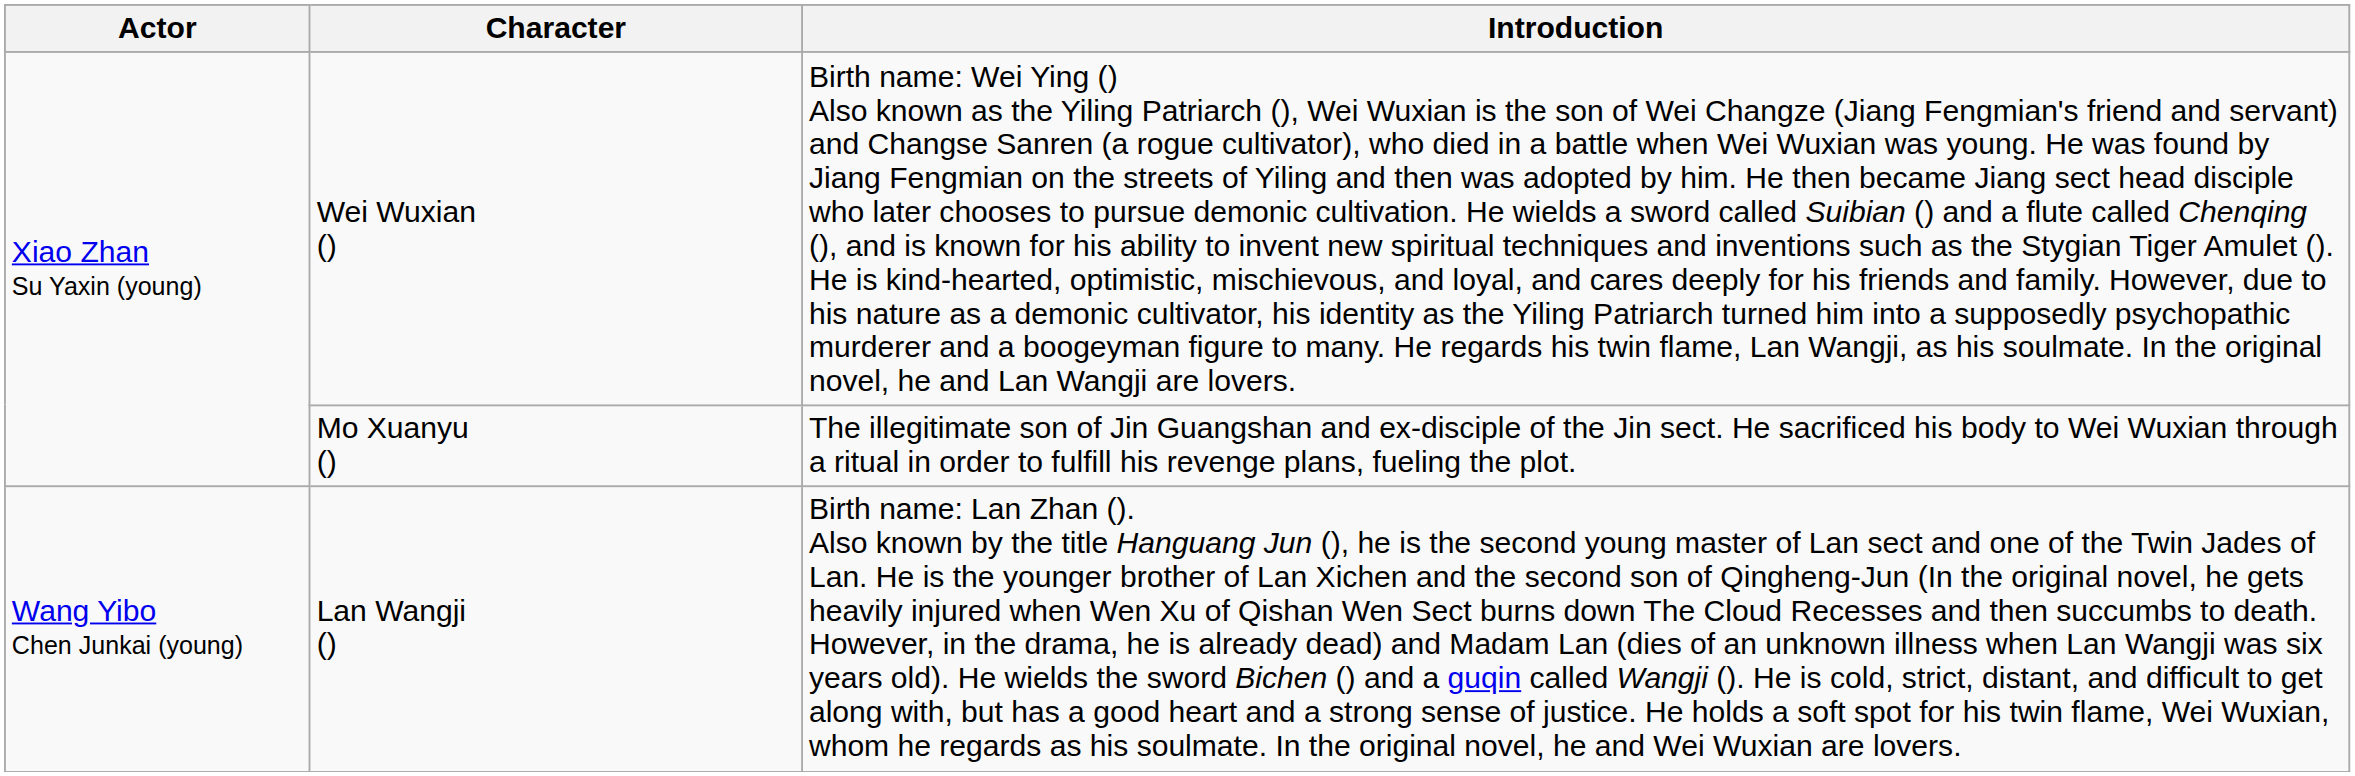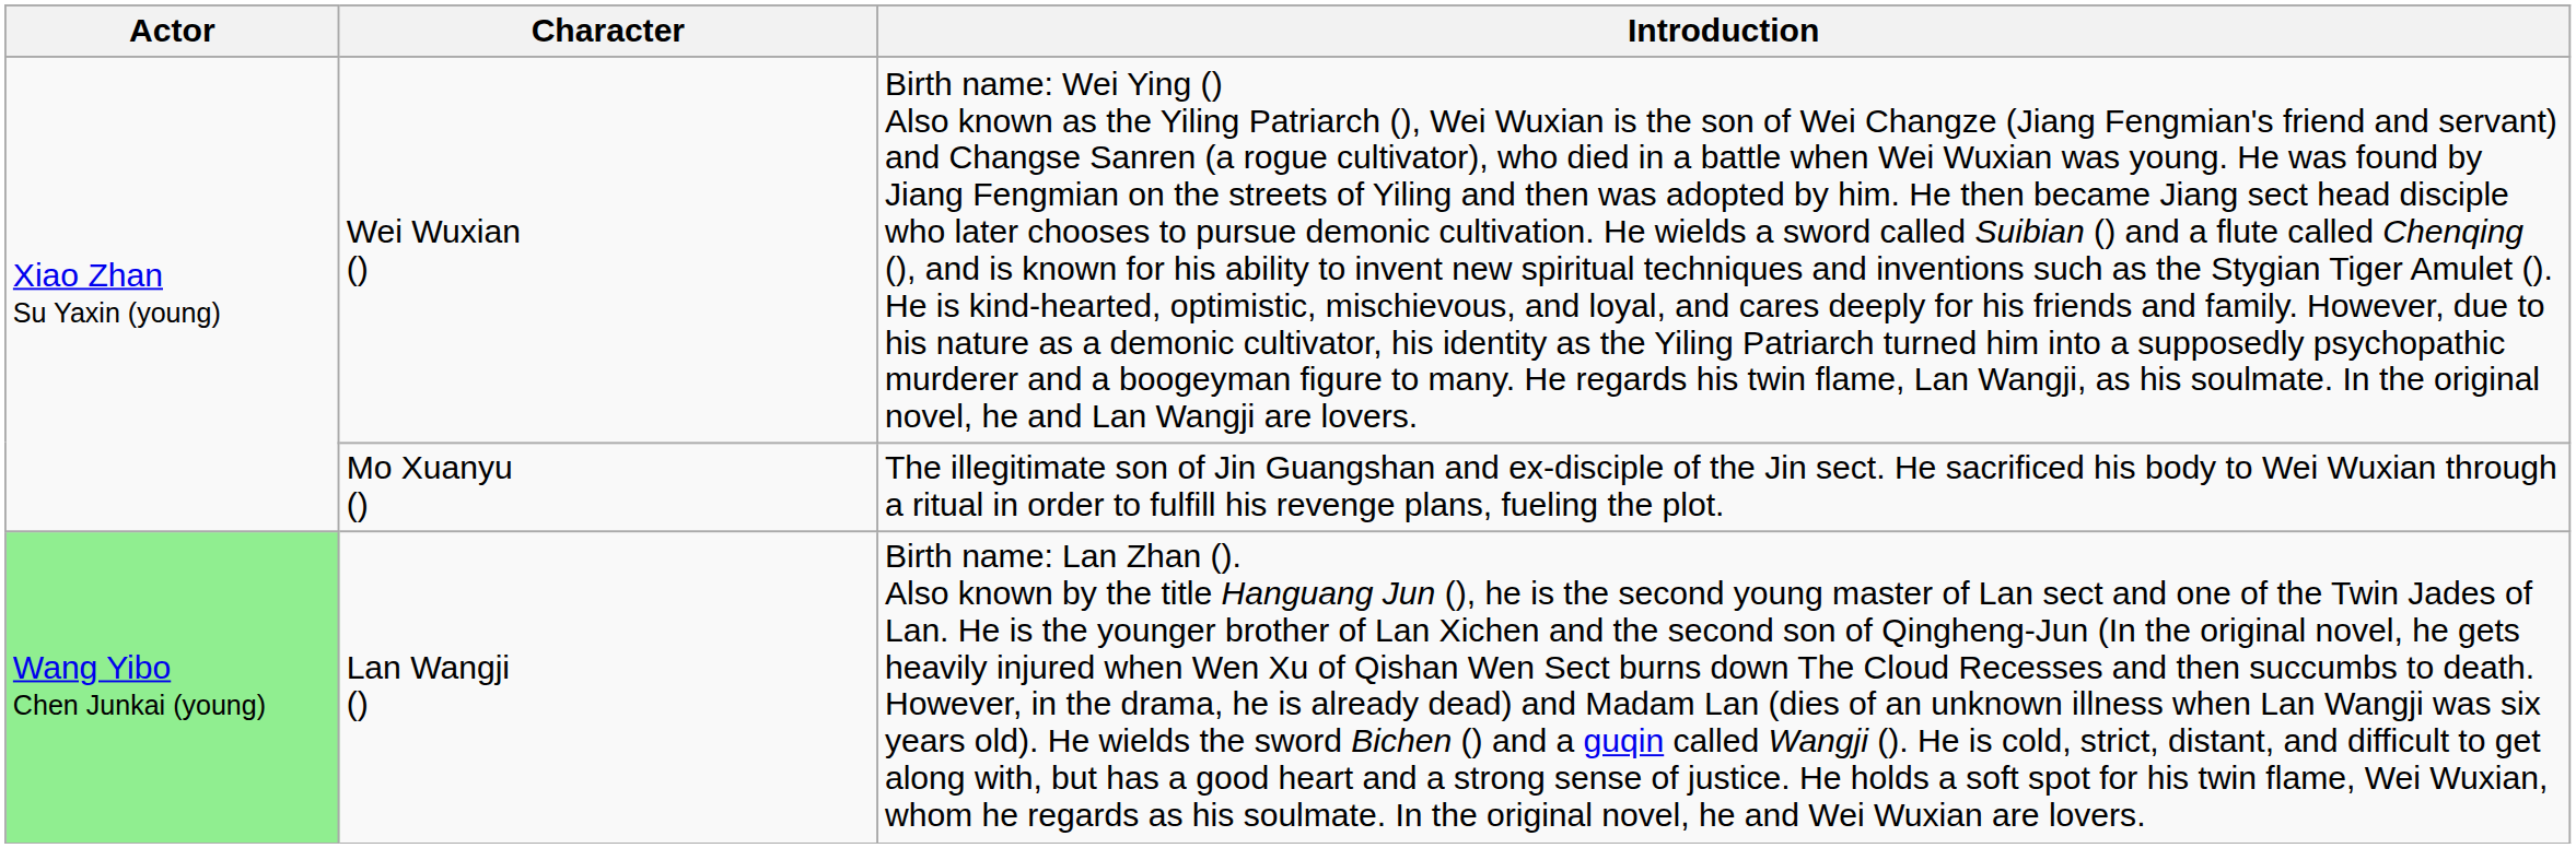 <table class="wikitable">
 <tr>
 <th style="width:13%">Actor</th>
 <th style="width:21%">Character</th>
 <th>Introduction</th>
 </tr>
 <tr>
 <td rowspan=2><a href='#'>Xiao Zhan</a><br> <small>Su Yaxin (young)</small></td>
 <td>Wei Wuxian<br>()</td>
 <td>Birth name: Wei Ying ()<br>Also known as the Yiling Patriarch (), Wei Wuxian is the son of Wei Changze (Jiang Fengmian's friend and servant) and Changse Sanren (a rogue cultivator), who died in a battle when Wei Wuxian was young. He was found by Jiang Fengmian on the streets of Yiling and then was adopted by him. He then became Jiang sect head disciple who later chooses to pursue demonic cultivation. He wields a sword called <em>Suibian</em> () and a flute called <em>Chenqing</em> (), and is known for his ability to invent new spiritual techniques and inventions such as the Stygian Tiger Amulet (). He is kind-hearted, optimistic, mischievous, and loyal, and cares deeply for his friends and family. However, due to his nature as a demonic cultivator, his identity as the Yiling Patriarch turned him into a supposedly psychopathic murderer and a boogeyman figure to many. He regards his twin flame, Lan Wangji, as his soulmate. In the original novel, he and Lan Wangji are lovers.</td>
 </tr>
 <tr>
 <td>Mo Xuanyu <br>()</td>
 <td>The illegitimate son of Jin Guangshan and ex-disciple of the Jin sect. He sacrificed his body to Wei Wuxian through a ritual in order to fulfill his revenge plans, fueling the plot.</td>
 </tr>
 <tr>
-<td><a href='#'>Wang Yibo</a><br> <small>Chen Junkai (young)</small></td>
+<td style="background: lightgreen;"><a href='#'>Wang Yibo</a><br> <small>Chen Junkai (young)</small></td>
 <td>Lan Wangji <br>()</td>
 <td>Birth name: Lan Zhan ().<br>Also known by the title <em>Hanguang Jun</em> (), he is the second young master of Lan sect and one of the Twin Jades of Lan. He is the younger brother of Lan Xichen and the second son of Qingheng-Jun (In the original novel, he gets heavily injured when Wen Xu of Qishan Wen Sect burns down The Cloud Recesses and then succumbs to death. However, in the drama, he is already dead) and Madam Lan (dies of an unknown illness when Lan Wangji was six years old). He wields the sword <em>Bichen</em> () and a <a href='#'>guqin</a> called <em>Wangji</em> (). He is cold, strict, distant, and difficult to get along with, but has a good heart and a strong sense of justice. He holds a soft spot for his twin flame, Wei Wuxian, whom he regards as his soulmate. In the original novel, he and Wei Wuxian are lovers.</td>
 </tr>
 </table>
